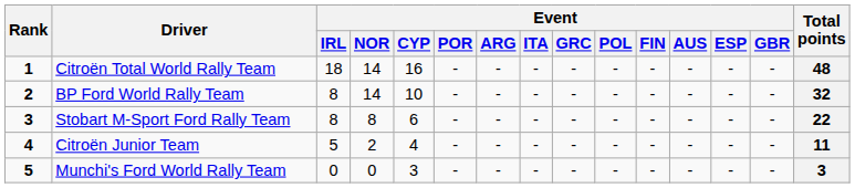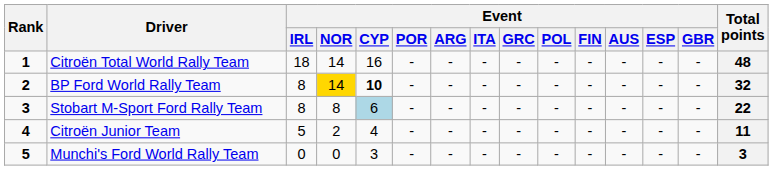 <table class="wikitable" style="text-align:center; font-size:90%;">
 <tr>
 <th rowspan=2>Rank</th>
 <th rowspan=2 style="width:16em">Driver</th>
 <th colspan=12>Event</th>
 <th rowspan=2>Total<br>points</th>
 </tr>
 <tr valign="top">
 <th><a href='#'>IRL</a><br></th>
 <th><a href='#'>NOR</a><br></th>
 <th><a href='#'>CYP</a><br></th>
 <th><a href='#'>POR</a><br></th>
 <th><a href='#'>ARG</a><br></th>
 <th><a href='#'>ITA</a><br></th>
 <th><a href='#'>GRC</a><br></th>
 <th><a href='#'>POL</a><br></th>
 <th><a href='#'>FIN</a><br></th>
 <th><a href='#'>AUS</a><br></th>
 <th><a href='#'>ESP</a><br></th>
 <th><a href='#'>GBR</a><br></th>
 </tr>
 <tr>
 <td><strong>1</strong></td>
 <td align="left"> <a href='#'>Citroën Total World Rally Team</a></td>
 <td>18</td>
 <td>14</td>
 <td>16</td>
 <td>-</td>
 <td>-</td>
 <td>-</td>
 <td>-</td>
 <td>-</td>
 <td>-</td>
 <td>-</td>
 <td>-</td>
 <td>-</td>
 <th>48</th>
 </tr>
 <tr>
 <td><strong>2</strong></td>
 <td align="left"> <a href='#'>BP Ford World Rally Team</a></td>
 <td>8</td>
-<td>14</td>
-<td>10</td>
+<td style="background: gold;">14</td>
+<td><strong>10</strong></td>
 <td>-</td>
 <td>-</td>
 <td>-</td>
 <td>-</td>
 <td>-</td>
 <td>-</td>
 <td>-</td>
 <td>-</td>
 <td>-</td>
 <th>32</th>
 </tr>
 <tr>
 <td><strong>3</strong></td>
 <td align="left"> <a href='#'>Stobart M-Sport Ford Rally Team</a></td>
 <td>8</td>
 <td>8</td>
-<td>6</td>
+<td style="background: lightblue;">6</td>
 <td>-</td>
 <td>-</td>
 <td>-</td>
 <td>-</td>
 <td>-</td>
 <td>-</td>
 <td>-</td>
 <td>-</td>
 <td>-</td>
 <th>22</th>
 </tr>
 <tr>
 <td><strong>4</strong></td>
 <td align="left"> <a href='#'>Citroën Junior Team</a></td>
 <td>5</td>
 <td>2</td>
 <td>4</td>
 <td>-</td>
 <td>-</td>
 <td>-</td>
 <td>-</td>
 <td>-</td>
 <td>-</td>
 <td>-</td>
 <td>-</td>
 <td>-</td>
 <th>11</th>
 </tr>
 <tr>
 <td><strong>5</strong></td>
 <td align="left"> <a href='#'>Munchi's Ford World Rally Team</a></td>
 <td>0</td>
 <td>0</td>
 <td>3</td>
 <td>-</td>
 <td>-</td>
 <td>-</td>
 <td>-</td>
 <td>-</td>
 <td>-</td>
 <td>-</td>
 <td>-</td>
 <td>-</td>
 <th>3</th>
 </tr>
 </table>
